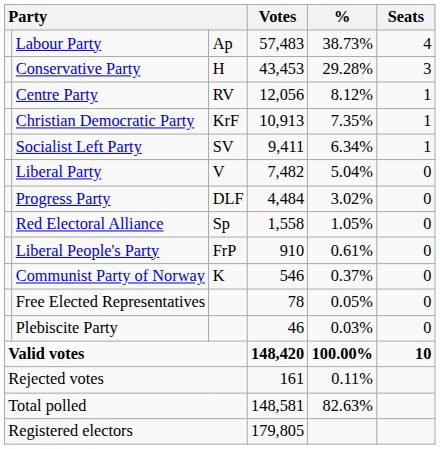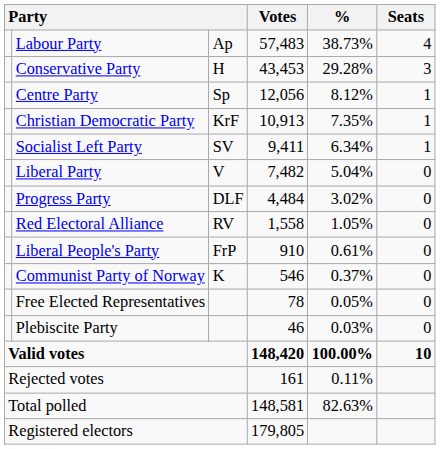 <table class="wikitable" border="1" style="text-align:right;">
 <tr>
 <th style="text-align:left;" colspan=3>Party</th>
 <th align=center width="50">Votes</th>
 <th align=center width="50">%</th>
 <th align=center width="50">Seats</th>
 </tr>
 <tr>
 <td style="color:inherit;background:"></td>
 <td align=left><a href='#'>Labour Party</a></td>
 <td align=left>Ap</td>
 <td>57,483</td>
 <td>38.73%</td>
 <td>4</td>
 </tr>
 <tr>
 <td style="color:inherit;background:"></td>
 <td align=left><a href='#'>Conservative Party</a></td>
 <td align=left>H</td>
 <td>43,453</td>
 <td>29.28%</td>
 <td>3</td>
 </tr>
 <tr>
 <td style="color:inherit;background:"></td>
 <td align=left><a href='#'>Centre Party</a></td>
-<td align=left>RV</td>
+<td align=left>Sp</td>
 <td>12,056</td>
 <td>8.12%</td>
 <td>1</td>
 </tr>
 <tr>
 <td style="color:inherit;background:"></td>
 <td align=left><a href='#'>Christian Democratic Party</a></td>
 <td align=left>KrF</td>
 <td>10,913</td>
 <td>7.35%</td>
 <td>1</td>
 </tr>
 <tr>
 <td style="color:inherit;background:"></td>
 <td align=left><a href='#'>Socialist Left Party</a></td>
 <td align=left>SV</td>
 <td>9,411</td>
 <td>6.34%</td>
 <td>1</td>
 </tr>
 <tr>
 <td style="color:inherit;background:"></td>
 <td align=left><a href='#'>Liberal Party</a></td>
 <td align=left>V</td>
 <td>7,482</td>
 <td>5.04%</td>
 <td>0</td>
 </tr>
 <tr>
 <td style="color:inherit;background:"></td>
 <td align=left><a href='#'>Progress Party</a></td>
 <td align=left>DLF</td>
 <td>4,484</td>
 <td>3.02%</td>
 <td>0</td>
 </tr>
 <tr>
 <td style="color:inherit;background:"></td>
 <td align=left><a href='#'>Red Electoral Alliance</a></td>
-<td align=left>Sp</td>
+<td align=left>RV</td>
 <td>1,558</td>
 <td>1.05%</td>
 <td>0</td>
 </tr>
 <tr>
 <td style="color:inherit;background:"></td>
 <td align=left><a href='#'>Liberal People's Party</a></td>
 <td align=left>FrP</td>
 <td>910</td>
 <td>0.61%</td>
 <td>0</td>
 </tr>
 <tr>
 <td style="color:inherit;background:"></td>
 <td align=left><a href='#'>Communist Party of Norway</a></td>
 <td align=left>K</td>
 <td>546</td>
 <td>0.37%</td>
 <td>0</td>
 </tr>
 <tr>
 <td></td>
 <td align=left>Free Elected Representatives</td>
 <td align=left></td>
 <td>78</td>
 <td>0.05%</td>
 <td>0</td>
 </tr>
 <tr>
 <td></td>
 <td align=left>Plebiscite Party</td>
 <td align=left></td>
 <td>46</td>
 <td>0.03%</td>
 <td>0</td>
 </tr>
 <tr style="font-weight:bold">
 <td align=left colspan=3>Valid votes</td>
 <td>148,420</td>
 <td>100.00%</td>
 <td>10</td>
 </tr>
 <tr>
 <td align=left colspan=3>Rejected votes</td>
 <td>161</td>
 <td>0.11%</td>
 <td></td>
 </tr>
 <tr>
 <td align=left colspan=3>Total polled</td>
 <td>148,581</td>
 <td>82.63%</td>
 <td></td>
 </tr>
 <tr>
 <td align=left colspan=3>Registered electors</td>
 <td>179,805</td>
 <td></td>
 <td></td>
 </tr>
 </table>
